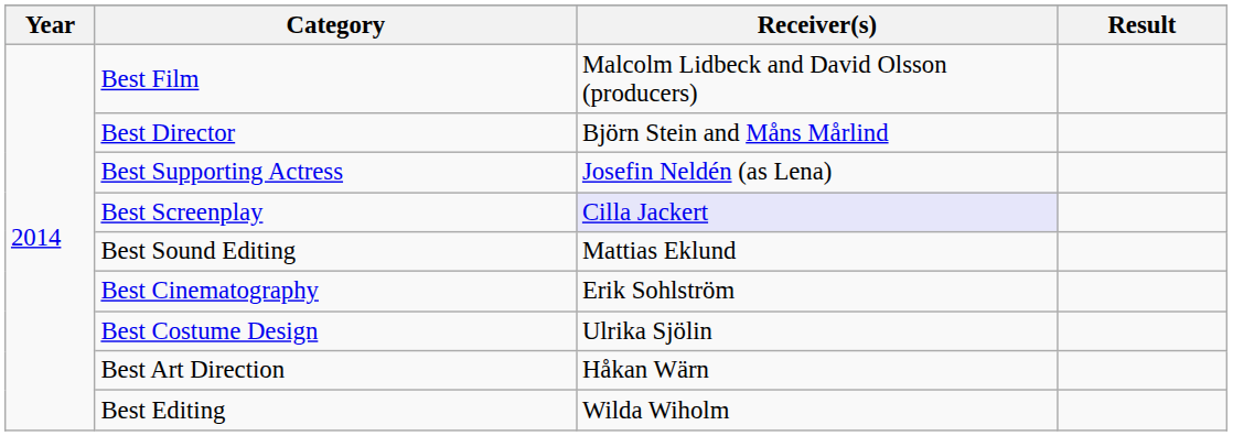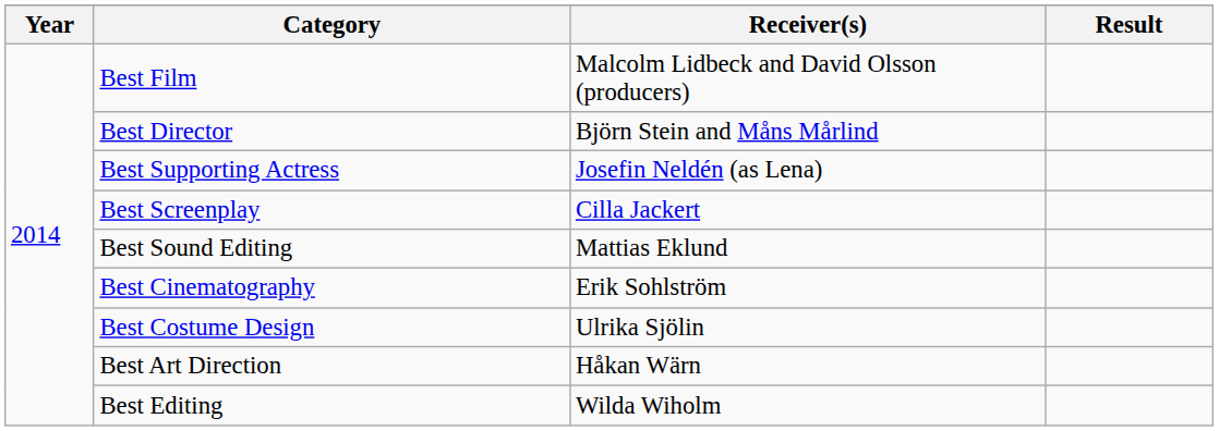 <table class="wikitable" style="text-align: left">
 <tr ---- bgcolor="#bfd7ff">
 </tr>
 <tr ---- bgcolor="#ebf5ff">
 <th width="50"><strong>Year</strong></th>
 <th width="300"><strong>Category</strong></th>
 <th width="300"><strong>Receiver(s)</strong></th>
 <th width="100"><strong>Result</strong></th>
 </tr>
 <tr>
 <td rowspan=9 style="valign: center"><a href='#'>2014</a></td>
 <td><a href='#'>Best Film</a></td>
 <td>Malcolm Lidbeck and David Olsson (producers)</td>
 <td></td>
 </tr>
 <tr>
 <td><a href='#'>Best Director</a></td>
 <td>Björn Stein and <a href='#'>Måns Mårlind</a></td>
 <td></td>
 </tr>
 <tr>
 <td><a href='#'>Best Supporting Actress</a></td>
 <td><a href='#'>Josefin Neldén</a> (as Lena)</td>
 <td></td>
 </tr>
 <tr>
 <td><a href='#'>Best Screenplay</a></td>
-<td style="background: lavender;"><a href='#'>Cilla Jackert</a></td>
+<td><a href='#'>Cilla Jackert</a></td>
 <td></td>
 </tr>
 <tr>
 <td>Best Sound Editing</td>
 <td>Mattias Eklund</td>
 <td></td>
 </tr>
 <tr>
 <td><a href='#'>Best Cinematography</a></td>
 <td>Erik Sohlström</td>
 <td></td>
 </tr>
 <tr>
 <td><a href='#'>Best Costume Design</a></td>
 <td>Ulrika Sjölin</td>
 <td></td>
 </tr>
 <tr>
 <td>Best Art Direction</td>
 <td>Håkan Wärn</td>
 <td></td>
 </tr>
 <tr>
 <td>Best Editing</td>
 <td>Wilda Wiholm</td>
 <td></td>
 </tr>
 </table>
